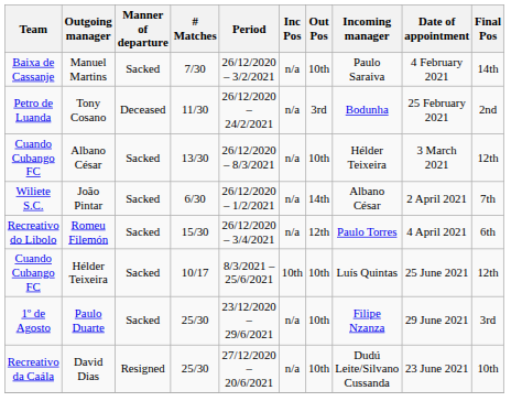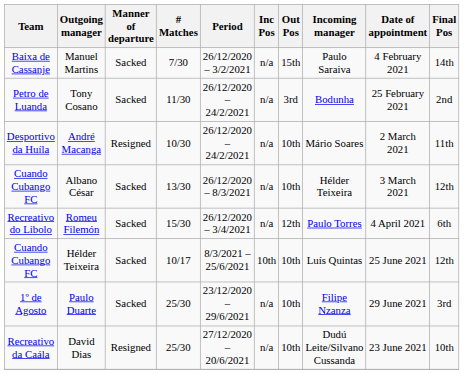 <table class="wikitable sortable" style="font-size:95%">
 <tr where change manager>
 <th>Team</th>
 <th>Outgoing manager</th>
 <th>Manner of departure</th>
 <th># Matches</th>
 <th>Period</th>
 <th>Inc Pos</th>
 <th>Out Pos</th>
 <th>Incoming manager</th>
 <th>Date of appointment</th>
 <th>Final Pos</th>
 </tr>
 <tr align=center>
 <td><a href='#'>Baixa de Cassanje</a></td>
 <td> Manuel Martins</td>
 <td>Sacked</td>
 <td>7/30</td>
 <td>26/12/2020 – 3/2/2021</td>
 <td>n/a</td>
-<td>10th</td>
+<td>15th</td>
 <td> Paulo Saraiva</td>
 <td>4 February 2021</td>
 <td>14th</td>
 </tr>
 <tr align=center>
 <td><a href='#'>Petro de Luanda</a></td>
 <td> Tony Cosano</td>
-<td>Deceased</td>
+<td>Sacked</td>
 <td>11/30</td>
 <td>26/12/2020 – 24/2/2021</td>
 <td>n/a</td>
 <td>3rd</td>
 <td> <a href='#'>Bodunha</a></td>
 <td>25 February 2021</td>
 <td>2nd</td>
+</tr>
+<tr align=center>
+<td><a href='#'>Desportivo da Huíla</a></td>
+<td> <a href='#'>André Macanga</a></td>
+<td>Resigned</td>
+<td>10/30</td>
+<td>26/12/2020 – 24/2/2021</td>
+<td>n/a</td>
+<td>10th</td>
+<td> Mário Soares</td>
+<td>2 March 2021</td>
+<td>11th</td>
 </tr>
 <tr align=center>
 <td><a href='#'>Cuando Cubango FC</a></td>
 <td> Albano César</td>
 <td>Sacked</td>
 <td>13/30</td>
 <td>26/12/2020 – 8/3/2021</td>
 <td>n/a</td>
 <td>10th</td>
 <td> Hélder Teixeira</td>
 <td>3 March 2021</td>
 <td>12th</td>
-</tr>
-<tr align=center>
-<td><a href='#'>Wiliete S.C.</a></td>
-<td> João Pintar</td>
-<td>Sacked</td>
-<td>6/30</td>
-<td>26/12/2020 – 1/2/2021</td>
-<td>n/a</td>
-<td>14th</td>
-<td> Albano César</td>
-<td>2 April 2021</td>
-<td>7th</td>
 </tr>
 <tr align=center>
 <td><a href='#'>Recreativo do Libolo</a></td>
 <td> <a href='#'>Romeu Filemón</a></td>
 <td>Sacked</td>
 <td>15/30</td>
 <td>26/12/2020 – 3/4/2021</td>
 <td>n/a</td>
 <td>12th</td>
 <td> <a href='#'>Paulo Torres</a></td>
 <td>4 April 2021</td>
 <td>6th</td>
 </tr>
 <tr align=center>
 <td><a href='#'>Cuando Cubango FC</a></td>
 <td> Hélder Teixeira</td>
 <td>Sacked</td>
 <td>10/17</td>
 <td>8/3/2021 – 25/6/2021</td>
 <td>10th</td>
 <td>10th</td>
 <td> Luís Quintas</td>
 <td>25 June 2021</td>
 <td>12th</td>
 </tr>
 <tr align=center>
 <td><a href='#'>1º de Agosto</a></td>
 <td> <a href='#'>Paulo Duarte</a></td>
 <td>Sacked</td>
 <td>25/30</td>
 <td>23/12/2020 – 29/6/2021</td>
 <td>n/a</td>
 <td>10th</td>
 <td> <a href='#'>Filipe Nzanza</a></td>
 <td>29 June 2021</td>
 <td>3rd</td>
 </tr>
 <tr align=center>
 <td><a href='#'>Recreativo da Caála</a></td>
 <td> David Dias</td>
 <td>Resigned</td>
 <td>25/30</td>
 <td>27/12/2020 – 20/6/2021</td>
 <td>n/a</td>
 <td>10th</td>
 <td> Dudú Leite/Silvano Cussanda</td>
 <td>23 June 2021</td>
 <td>10th</td>
 </tr>
 <tr>
 </tr>
 </table>
